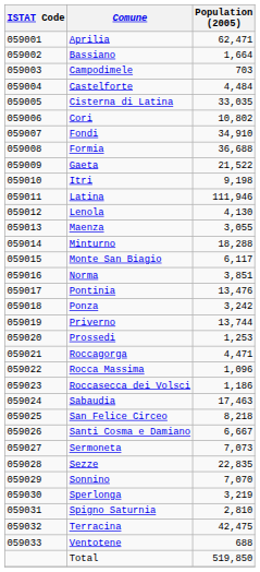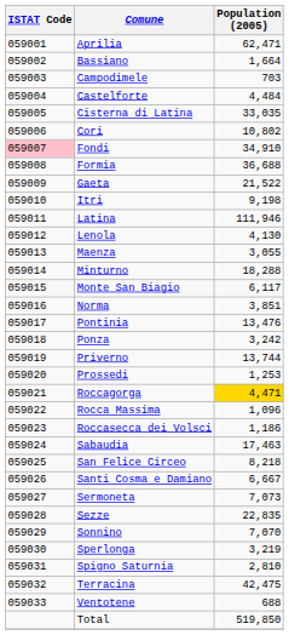 <table class="wikitable sortable">
 <tr>
 <th><a href='#'>ISTAT</a> Code</th>
 <th><em><a href='#'>Comune</a></em></th>
 <th>Population <br>(2005)</th>
 </tr>
 <tr>
 <td>059001</td>
 <td><a href='#'>Aprilia</a></td>
 <td align="right">62,471</td>
 </tr>
 <tr>
 <td>059002</td>
 <td><a href='#'>Bassiano</a></td>
 <td align="right">1,664</td>
 </tr>
 <tr>
 <td>059003</td>
 <td><a href='#'>Campodimele</a></td>
 <td align="right">703</td>
 </tr>
 <tr>
 <td>059004</td>
 <td><a href='#'>Castelforte</a></td>
 <td align="right">4,484</td>
 </tr>
 <tr>
 <td>059005</td>
 <td><a href='#'>Cisterna di Latina</a></td>
 <td align="right">33,035</td>
 </tr>
 <tr>
 <td>059006</td>
 <td><a href='#'>Cori</a></td>
 <td align="right">10,802</td>
 </tr>
 <tr>
-<td>059007</td>
+<td style="background: pink;">059007</td>
 <td><a href='#'>Fondi</a></td>
 <td align="right">34,910</td>
 </tr>
 <tr>
 <td>059008</td>
 <td><a href='#'>Formia</a></td>
 <td align="right">36,688</td>
 </tr>
 <tr>
 <td>059009</td>
 <td><a href='#'>Gaeta</a></td>
 <td align="right">21,522</td>
 </tr>
 <tr>
 <td>059010</td>
 <td><a href='#'>Itri</a></td>
 <td align="right">9,198</td>
 </tr>
 <tr>
 <td>059011</td>
 <td><a href='#'>Latina</a></td>
 <td align="right">111,946</td>
 </tr>
 <tr>
 <td>059012</td>
 <td><a href='#'>Lenola</a></td>
 <td align="right">4,130</td>
 </tr>
 <tr>
 <td>059013</td>
 <td><a href='#'>Maenza</a></td>
 <td align="right">3,055</td>
 </tr>
 <tr>
 <td>059014</td>
 <td><a href='#'>Minturno</a></td>
 <td align="right">18,288</td>
 </tr>
 <tr>
 <td>059015</td>
 <td><a href='#'>Monte San Biagio</a></td>
 <td align="right">6,117</td>
 </tr>
 <tr>
 <td>059016</td>
 <td><a href='#'>Norma</a></td>
 <td align="right">3,851</td>
 </tr>
 <tr>
 <td>059017</td>
 <td><a href='#'>Pontinia</a></td>
 <td align="right">13,476</td>
 </tr>
 <tr>
 <td>059018</td>
 <td><a href='#'>Ponza</a></td>
 <td align="right">3,242</td>
 </tr>
 <tr>
 <td>059019</td>
 <td><a href='#'>Priverno</a></td>
 <td align="right">13,744</td>
 </tr>
 <tr>
 <td>059020</td>
 <td><a href='#'>Prossedi</a></td>
 <td align="right">1,253</td>
 </tr>
 <tr>
 <td>059021</td>
 <td><a href='#'>Roccagorga</a></td>
-<td align="right">4,471</td>
+<td align="right" style="background: gold;">4,471</td>
 </tr>
 <tr>
 <td>059022</td>
 <td><a href='#'>Rocca Massima</a></td>
 <td align="right">1,096</td>
 </tr>
 <tr>
 <td>059023</td>
 <td><a href='#'>Roccasecca dei Volsci</a></td>
 <td align="right">1,186</td>
 </tr>
 <tr>
 <td>059024</td>
 <td><a href='#'>Sabaudia</a></td>
 <td align="right">17,463</td>
 </tr>
 <tr>
 <td>059025</td>
 <td><a href='#'>San Felice Circeo</a></td>
 <td align="right">8,218</td>
 </tr>
 <tr>
 <td>059026</td>
 <td><a href='#'>Santi Cosma e Damiano</a></td>
 <td align="right">6,667</td>
 </tr>
 <tr>
 <td>059027</td>
 <td><a href='#'>Sermoneta</a></td>
 <td align="right">7,073</td>
 </tr>
 <tr>
 <td>059028</td>
 <td><a href='#'>Sezze</a></td>
 <td align="right">22,835</td>
 </tr>
 <tr>
 <td>059029</td>
 <td><a href='#'>Sonnino</a></td>
 <td align="right">7,070</td>
 </tr>
 <tr>
 <td>059030</td>
 <td><a href='#'>Sperlonga</a></td>
 <td align="right">3,219</td>
 </tr>
 <tr>
 <td>059031</td>
 <td><a href='#'>Spigno Saturnia</a></td>
 <td align="right">2,810</td>
 </tr>
 <tr>
 <td>059032</td>
 <td><a href='#'>Terracina</a></td>
 <td align="right">42,475</td>
 </tr>
 <tr>
 <td>059033</td>
 <td><a href='#'>Ventotene</a></td>
 <td align="right">688</td>
 </tr>
 <tr>
 <td></td>
 <td>Total</td>
 <td align="right">519,850</td>
 </tr>
 <tr>
 </tr>
 </table>
